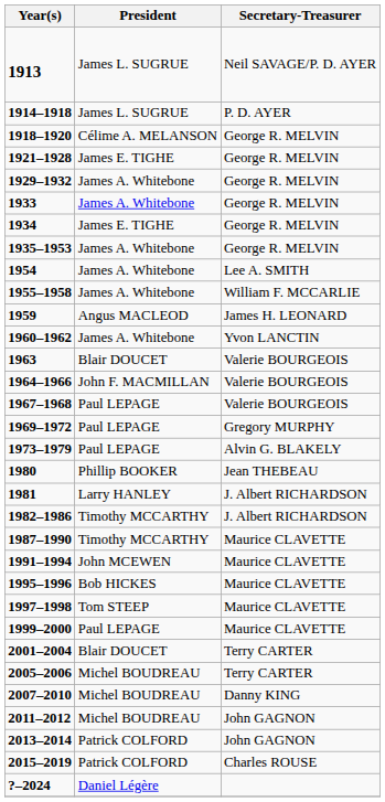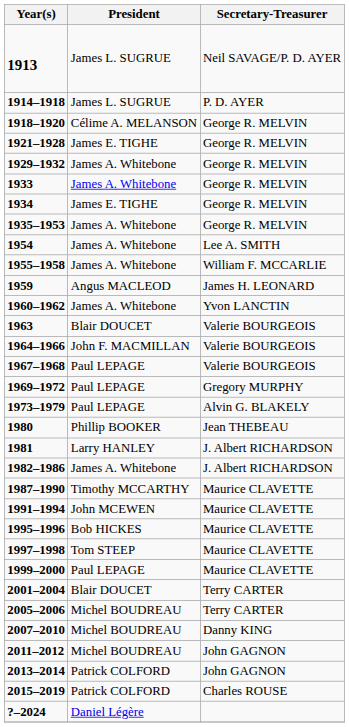 <table class="wikitable sortable mw-collapsible">
 <tr>
 <th>Year(s)</th>
 <th>President</th>
 <th>Secretary-Treasurer</th>
 </tr>
 <tr>
 <td><br><h3>1913</h3></td>
 <td>James L. SUGRUE</td>
 <td>Neil SAVAGE/P. D. AYER</td>
 </tr>
 <tr>
 <td><strong>1914–1918</strong></td>
 <td>James L. SUGRUE</td>
 <td>P. D. AYER</td>
 </tr>
 <tr>
 <td><strong>1918–1920</strong></td>
 <td>Célime A. MELANSON</td>
 <td>George R. MELVIN</td>
 </tr>
 <tr>
 <td><strong>1921–1928</strong></td>
 <td>James E. TIGHE</td>
 <td>George R. MELVIN</td>
 </tr>
 <tr>
 <td><strong>1929–1932</strong></td>
 <td>James A. Whitebone</td>
 <td>George R. MELVIN</td>
 </tr>
 <tr>
 <td><strong>1933</strong></td>
 <td><a href='#'>James A. Whitebone</a></td>
 <td>George R. MELVIN</td>
 </tr>
 <tr>
 <td><strong>1934</strong></td>
 <td>James E. TIGHE</td>
 <td>George R. MELVIN</td>
 </tr>
 <tr>
 <td><strong>1935–1953</strong></td>
 <td>James A. Whitebone</td>
 <td>George R. MELVIN</td>
 </tr>
 <tr>
 <td><strong>1954</strong></td>
 <td>James A. Whitebone</td>
 <td>Lee A. SMITH</td>
 </tr>
 <tr>
 <td><strong>1955–1958</strong></td>
 <td>James A. Whitebone</td>
 <td>William F. MCCARLIE</td>
 </tr>
 <tr>
 <td><strong>1959</strong></td>
 <td>Angus MACLEOD</td>
 <td>James H. LEONARD</td>
 </tr>
 <tr>
 <td><strong>1960–1962</strong></td>
 <td>James A. Whitebone</td>
 <td>Yvon LANCTIN</td>
 </tr>
 <tr>
 <td><strong>1963</strong></td>
 <td>Blair DOUCET</td>
 <td>Valerie BOURGEOIS</td>
 </tr>
 <tr>
 <td><strong>1964–1966</strong></td>
 <td>John F. MACMILLAN</td>
 <td>Valerie BOURGEOIS</td>
 </tr>
 <tr>
 <td><strong>1967–1968</strong></td>
 <td>Paul LEPAGE</td>
 <td>Valerie BOURGEOIS</td>
 </tr>
 <tr>
 <td><strong>1969–1972</strong></td>
 <td>Paul LEPAGE</td>
 <td>Gregory MURPHY</td>
 </tr>
 <tr>
 <td><strong>1973–1979</strong></td>
 <td>Paul LEPAGE</td>
 <td>Alvin G. BLAKELY</td>
 </tr>
 <tr>
 <td><strong>1980</strong></td>
 <td>Phillip BOOKER</td>
 <td>Jean THEBEAU</td>
 </tr>
 <tr>
 <td><strong>1981</strong></td>
 <td>Larry HANLEY</td>
 <td>J. Albert RICHARDSON</td>
 </tr>
 <tr>
 <td><strong>1982–1986</strong></td>
-<td>Timothy MCCARTHY</td>
+<td>James A. Whitebone</td>
 <td>J. Albert RICHARDSON</td>
 </tr>
 <tr>
 <td><strong>1987–1990</strong></td>
 <td>Timothy MCCARTHY</td>
 <td>Maurice CLAVETTE</td>
 </tr>
 <tr>
 <td><strong>1991–1994</strong></td>
 <td>John MCEWEN</td>
 <td>Maurice CLAVETTE</td>
 </tr>
 <tr>
 <td><strong>1995–1996</strong></td>
 <td>Bob HICKES </td>
 <td>Maurice CLAVETTE</td>
 </tr>
 <tr>
 <td><strong>1997–1998</strong></td>
 <td>Tom STEEP</td>
 <td>Maurice CLAVETTE </td>
 </tr>
 <tr>
 <td><strong>1999–2000</strong></td>
 <td>Paul LEPAGE</td>
 <td>Maurice CLAVETTE </td>
 </tr>
 <tr>
 <td><strong>2001–2004</strong></td>
 <td>Blair DOUCET</td>
 <td>Terry CARTER</td>
 </tr>
 <tr>
 <td><strong>2005–2006</strong></td>
 <td>Michel BOUDREAU</td>
 <td>Terry CARTER</td>
 </tr>
 <tr>
 <td><strong>2007–2010</strong></td>
 <td>Michel BOUDREAU</td>
 <td>Danny KING</td>
 </tr>
 <tr>
 <td><strong>2011–2012</strong></td>
 <td>Michel BOUDREAU</td>
 <td>John GAGNON</td>
 </tr>
 <tr>
 <td><strong>2013–2014</strong></td>
 <td>Patrick COLFORD</td>
 <td>John GAGNON</td>
 </tr>
 <tr>
 <td><strong>2015–2019</strong></td>
 <td>Patrick COLFORD</td>
 <td>Charles ROUSE</td>
 </tr>
 <tr>
 <td><strong>?–2024</strong></td>
 <td><a href='#'>Daniel Légère</a></td>
 <td></td>
 </tr>
 <tr>
 </tr>
 </table>
